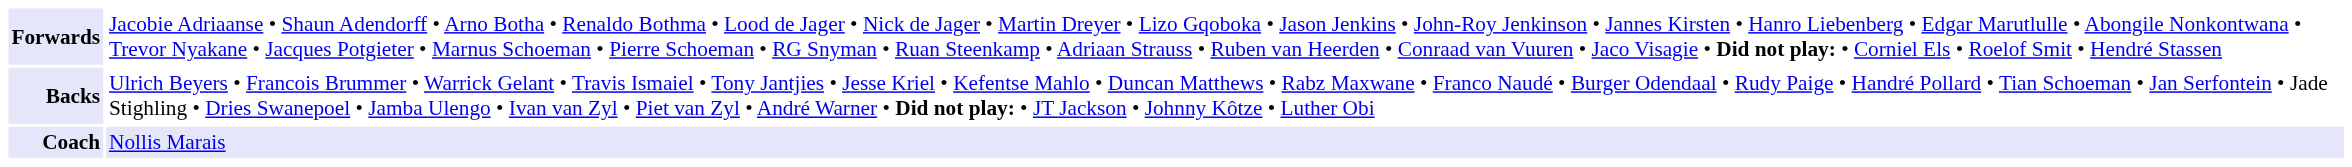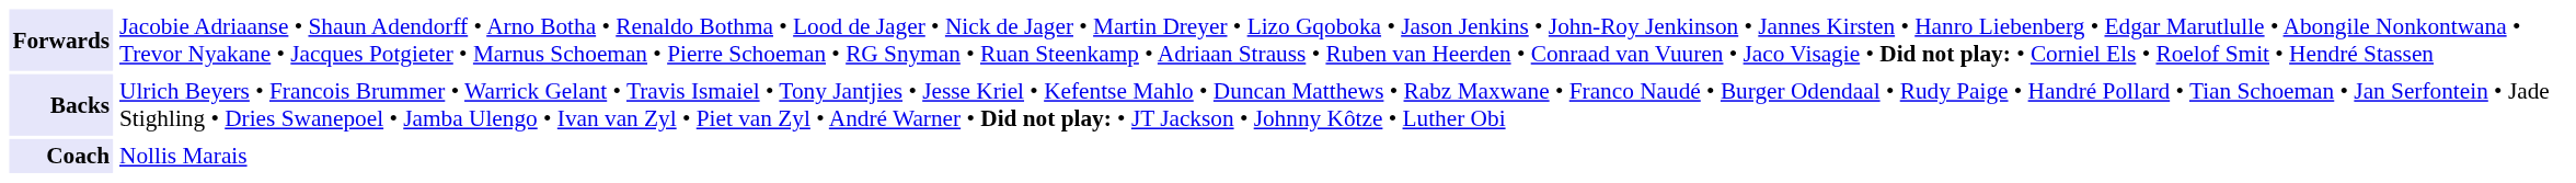 <table cellpadding="2" style="border: 1px solid white; font-size:90%;">
 <tr>
 <td style="text-align:right;" bgcolor="lavender"><strong>Forwards</strong></td>
 <td style="text-align:left;"><a href='#'>Jacobie Adriaanse</a> • <a href='#'>Shaun Adendorff</a> • <a href='#'>Arno Botha</a> • <a href='#'>Renaldo Bothma</a> • <a href='#'>Lood de Jager</a> • <a href='#'>Nick de Jager</a> • <a href='#'>Martin Dreyer</a> • <a href='#'>Lizo Gqoboka</a> • <a href='#'>Jason Jenkins</a> • <a href='#'>John-Roy Jenkinson</a> • <a href='#'>Jannes Kirsten</a> • <a href='#'>Hanro Liebenberg</a> • <a href='#'>Edgar Marutlulle</a> • <a href='#'>Abongile Nonkontwana</a> • <a href='#'>Trevor Nyakane</a> • <a href='#'>Jacques Potgieter</a> • <a href='#'>Marnus Schoeman</a> • <a href='#'>Pierre Schoeman</a> • <a href='#'>RG Snyman</a> • <a href='#'>Ruan Steenkamp</a> • <a href='#'>Adriaan Strauss</a> • <a href='#'>Ruben van Heerden</a> • <a href='#'>Conraad van Vuuren</a> • <a href='#'>Jaco Visagie</a> • <strong>Did not play:</strong> • <a href='#'>Corniel Els</a> • <a href='#'>Roelof Smit</a> • <a href='#'>Hendré Stassen</a></td>
 </tr>
 <tr>
 <td style="text-align:right;" bgcolor="lavender"><strong>Backs</strong></td>
 <td style="text-align:left;"><a href='#'>Ulrich Beyers</a> • <a href='#'>Francois Brummer</a> • <a href='#'>Warrick Gelant</a> • <a href='#'>Travis Ismaiel</a> • <a href='#'>Tony Jantjies</a> • <a href='#'>Jesse Kriel</a> • <a href='#'>Kefentse Mahlo</a> • <a href='#'>Duncan Matthews</a> • <a href='#'>Rabz Maxwane</a> • <a href='#'>Franco Naudé</a> • <a href='#'>Burger Odendaal</a> • <a href='#'>Rudy Paige</a> • <a href='#'>Handré Pollard</a> • <a href='#'>Tian Schoeman</a> • <a href='#'>Jan Serfontein</a> • Jade Stighling • <a href='#'>Dries Swanepoel</a> • <a href='#'>Jamba Ulengo</a> • <a href='#'>Ivan van Zyl</a> • <a href='#'>Piet van Zyl</a> • <a href='#'>André Warner</a> • <strong>Did not play:</strong> • <a href='#'>JT Jackson</a> • <a href='#'>Johnny Kôtze</a> • <a href='#'>Luther Obi</a></td>
 </tr>
 <tr>
 <td style="text-align:right;" bgcolor="lavender"><strong>Coach</strong></td>
-<td style="background: lavender; text-align:left;"><a href='#'>Nollis Marais</a></td>
+<td style="text-align:left;"><a href='#'>Nollis Marais</a></td>
 </tr>
 </table>
